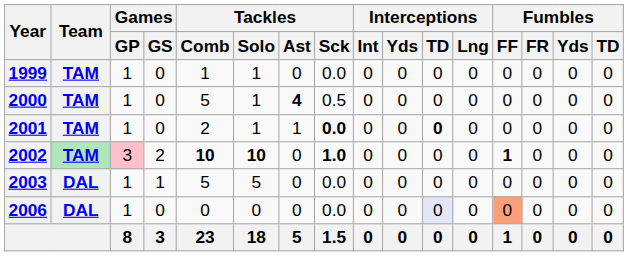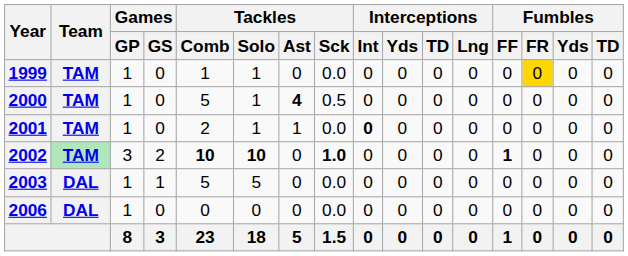 <table class="wikitable" style="text-align:center">
 <tr>
 <th rowspan="2">Year</th>
 <th rowspan="2">Team</th>
 <th colspan="2">Games</th>
 <th colspan="4">Tackles</th>
 <th colspan="4">Interceptions</th>
 <th colspan="4">Fumbles</th>
 </tr>
 <tr>
 <th>GP</th>
 <th>GS</th>
 <th>Comb</th>
 <th>Solo</th>
 <th>Ast</th>
 <th>Sck</th>
 <th>Int</th>
 <th>Yds</th>
 <th>TD</th>
 <th>Lng</th>
 <th>FF</th>
 <th>FR</th>
 <th>Yds</th>
 <th>TD</th>
 </tr>
 <tr>
 <th><a href='#'>1999</a></th>
 <th><a href='#'>TAM</a></th>
 <td>1</td>
 <td>0</td>
 <td>1</td>
 <td>1</td>
 <td>0</td>
 <td>0.0</td>
 <td>0</td>
 <td>0</td>
 <td>0</td>
 <td>0</td>
 <td>0</td>
-<td>0</td>
+<td style="background: gold;">0</td>
 <td>0</td>
 <td>0</td>
 </tr>
 <tr>
 <th><a href='#'>2000</a></th>
 <th><a href='#'>TAM</a></th>
 <td>1</td>
 <td>0</td>
 <td>5</td>
 <td>1</td>
 <td><strong>4</strong></td>
 <td>0.5</td>
 <td>0</td>
 <td>0</td>
 <td>0</td>
 <td>0</td>
 <td>0</td>
 <td>0</td>
 <td>0</td>
 <td>0</td>
 </tr>
 <tr>
 <th><a href='#'>2001</a></th>
 <th><a href='#'>TAM</a></th>
 <td>1</td>
 <td>0</td>
 <td>2</td>
 <td>1</td>
 <td>1</td>
-<td><strong>0.0</strong></td>
+<td>0.0</td>
+<td><strong>0</strong></td>
 <td>0</td>
 <td>0</td>
-<td><strong>0</strong></td>
 <td>0</td>
 <td>0</td>
 <td>0</td>
 <td>0</td>
 <td>0</td>
 </tr>
 <tr>
 <th><a href='#'>2002</a></th>
 <th style="background:#afe6ba; width:3em;"><a href='#'>TAM</a></th>
-<td style="background: pink;">3</td>
+<td>3</td>
 <td>2</td>
 <td><strong>10</strong></td>
 <td><strong>10</strong></td>
 <td>0</td>
 <td><strong>1.0</strong></td>
 <td>0</td>
 <td>0</td>
 <td>0</td>
 <td>0</td>
 <td><strong>1</strong></td>
 <td>0</td>
 <td>0</td>
 <td>0</td>
 </tr>
 <tr>
 <th><a href='#'>2003</a></th>
 <th><a href='#'>DAL</a></th>
 <td>1</td>
 <td>1</td>
 <td>5</td>
 <td>5</td>
 <td>0</td>
 <td>0.0</td>
 <td>0</td>
 <td>0</td>
 <td>0</td>
 <td>0</td>
 <td>0</td>
 <td>0</td>
 <td>0</td>
 <td>0</td>
 </tr>
 <tr>
 <th><a href='#'>2006</a></th>
 <th><a href='#'>DAL</a></th>
 <td>1</td>
 <td>0</td>
 <td>0</td>
 <td>0</td>
 <td>0</td>
 <td>0.0</td>
 <td>0</td>
 <td>0</td>
-<td style="background: lavender;">0</td>
 <td>0</td>
-<td style="background: lightsalmon;">0</td>
+<td>0</td>
+<td>0</td>
 <td>0</td>
 <td>0</td>
 <td>0</td>
 </tr>
 <tr>
 <th colspan="2"></th>
 <th>8</th>
 <th>3</th>
 <th>23</th>
 <th>18</th>
 <th>5</th>
 <th>1.5</th>
 <th>0</th>
 <th>0</th>
 <th>0</th>
 <th>0</th>
 <th>1</th>
 <th>0</th>
 <th>0</th>
 <th>0</th>
 </tr>
 </table>
